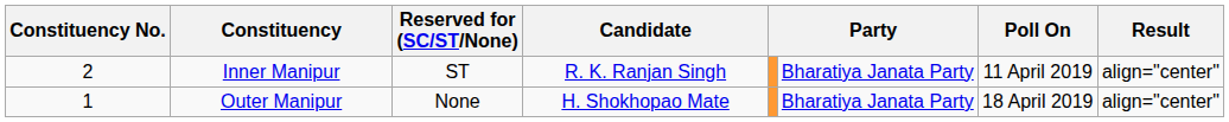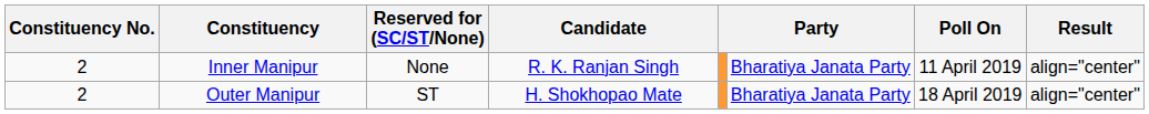 <table class="wikitable sortable" style="text-align:center;">
 <tr>
 <th>Constituency No.</th>
 <th style="width:180px;">Constituency</th>
 <th>Reserved for<br>(<a href='#'>SC/ST</a>/None)</th>
 <th style="width:200px;">Candidate</th>
 <th colspan="2">Party</th>
 <th>Poll On</th>
 <th>Result</th>
 </tr>
 <tr>
 <td align="center">2</td>
 <td><a href='#'>Inner Manipur</a></td>
-<td align="center">ST</td>
+<td align="center">None</td>
 <td><a href='#'>R. K. Ranjan Singh</a></td>
 <td bgcolor=#FF9933></td>
 <td><a href='#'>Bharatiya Janata Party</a></td>
 <td align="center">11 April 2019</td>
 <td>align="center" </td>
 </tr>
 <tr>
-<td align="center">1</td>
+<td align="center">2</td>
 <td><a href='#'>Outer Manipur</a></td>
-<td align="center">None</td>
+<td align="center">ST</td>
 <td><a href='#'>H. Shokhopao Mate</a></td>
 <td bgcolor=#FF9933></td>
 <td><a href='#'>Bharatiya Janata Party</a></td>
 <td align="center">18 April 2019</td>
 <td>align="center" </td>
 </tr>
 <tr>
 </tr>
 </table>
